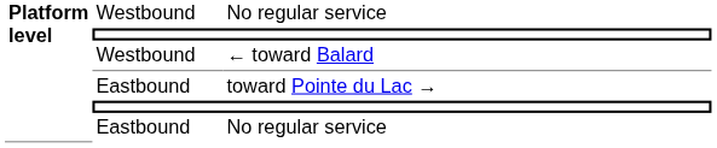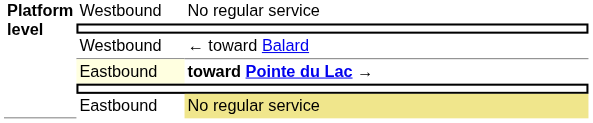 <table border=0 cellspacing=0 cellpadding=3>
 <tr>
 <td style="border-bottom:solid 1px gray;" width=50 rowspan=10 valign=top><strong>Platform level</strong></td>
 <td>Westbound</td>
 <td>No regular service</td>
 </tr>
 <tr>
 <td style="border-top:solid 2px black;border-right:solid 2px black;border-left:solid 2px black;border-bottom:solid 2px black;text-align:center;" colspan=2></td>
 </tr>
 <tr>
 <td style="border-bottom:solid 1px gray;" width=100>Westbound</td>
 <td style="border-bottom:solid 1px gray;" width=390>←   toward <a href='#'>Balard</a> </td>
 </tr>
 <tr>
-<td>Eastbound</td>
-<td>   toward <a href='#'>Pointe du Lac</a>  →</td>
+<td style="background: lightyellow;">Eastbound</td>
+<td><strong>   toward <a href='#'>Pointe du Lac</a>  →</strong></td>
 </tr>
 <tr>
 <td style="border-top:solid 2px black;border-right:solid 2px black;border-left:solid 2px black;border-bottom:solid 2px black;text-align:center;" colspan=2></td>
 </tr>
 <tr>
 <td>Eastbound</td>
-<td>No regular service</td>
+<td style="background: khaki;">No regular service</td>
 </tr>
 </table>
